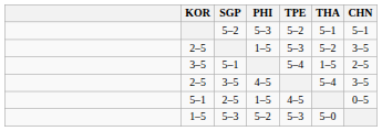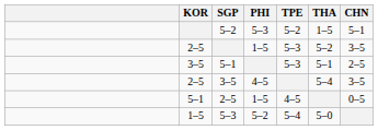 <table class="wikitable" style="text-align:center">
 <tr>
 <th width="250"> </th>
 <th width="40">KOR</th>
 <th width="40">SGP</th>
 <th width="40">PHI</th>
 <th width="40">TPE</th>
 <th width="40">THA</th>
 <th width="40">CHN</th>
 </tr>
 <tr>
 <td align=left></td>
 <th></th>
 <td>5–2</td>
 <td>5–3</td>
 <td>5–2</td>
-<td>5–1</td>
+<td>1–5</td>
 <td>5–1</td>
 </tr>
 <tr>
 <td align=left></td>
 <td>2–5</td>
 <th></th>
 <td>1–5</td>
 <td>5–3</td>
 <td>5–2</td>
 <td>3–5</td>
 </tr>
 <tr>
 <td align=left></td>
 <td>3–5</td>
 <td>5–1</td>
 <th></th>
-<td>5–4</td>
-<td>1–5</td>
+<td>5–3</td>
+<td>5–1</td>
 <td>2–5</td>
 </tr>
 <tr>
 <td align=left></td>
 <td>2–5</td>
 <td>3–5</td>
 <td>4–5</td>
 <th></th>
 <td>5–4</td>
 <td>3–5</td>
 </tr>
 <tr>
 <td align=left></td>
 <td>5–1</td>
 <td>2–5</td>
 <td>1–5</td>
 <td>4–5</td>
 <th></th>
 <td>0–5</td>
 </tr>
 <tr>
 <td align=left></td>
 <td>1–5</td>
 <td>5–3</td>
 <td>5–2</td>
-<td>5–3</td>
+<td>5–4</td>
 <td>5–0</td>
 <th></th>
 </tr>
 </table>
